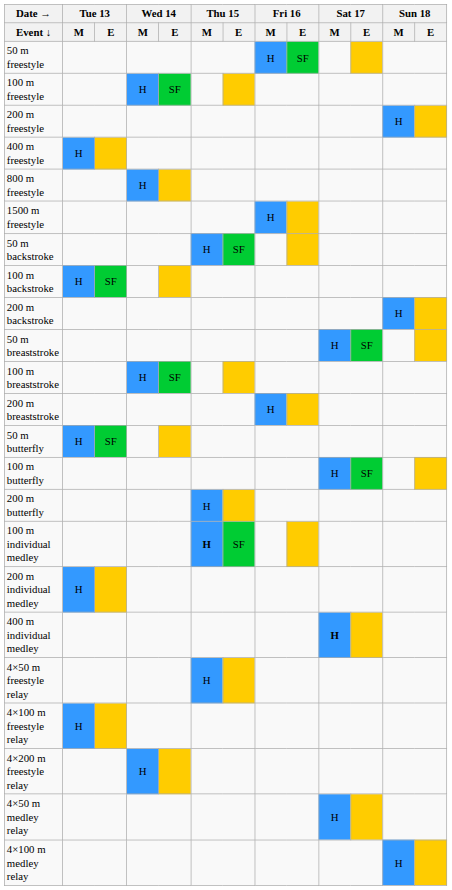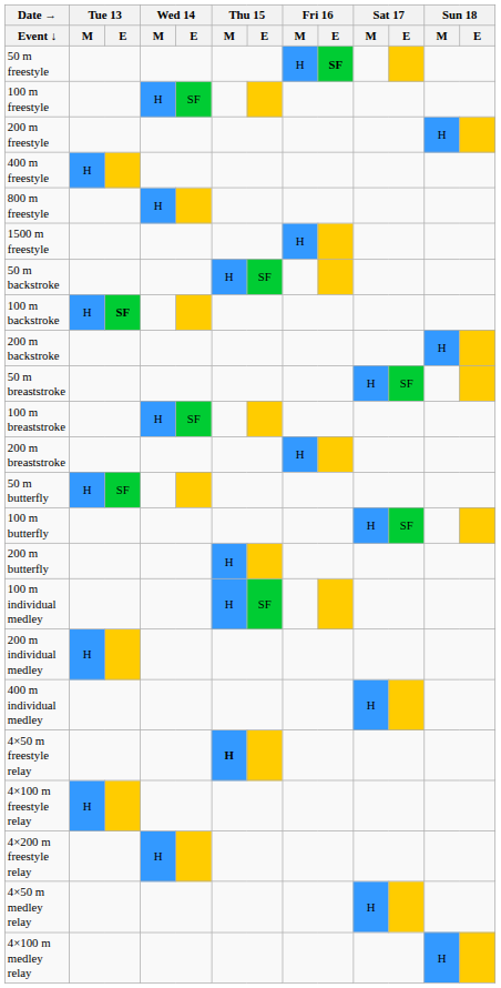 <table class="wikitable" style="margin:0.5em auto; font-size:95%; line-height:1.25em;">
 <tr style="text-align:center;">
 <th>Date →</th>
 <th colspan="2">Tue 13</th>
 <th colspan="2">Wed 14</th>
 <th colspan="2">Thu 15</th>
 <th colspan="2">Fri 16</th>
 <th colspan="2">Sat 17</th>
 <th colspan="2">Sun 18</th>
 </tr>
 <tr>
 <th>Event   ↓</th>
 <th style="width:2.5em;">M</th>
 <th style="width:2.5em;">E</th>
 <th style="width:2.5em;">M</th>
 <th style="width:2.5em;">E</th>
 <th style="width:2.5em;">M</th>
 <th style="width:2.5em;">E</th>
 <th style="width:2.5em;">M</th>
 <th style="width:2.5em;">E</th>
 <th style="width:2.5em;">M</th>
 <th style="width:2.5em;">E</th>
 <th style="width:2.5em;">M</th>
 <th style="width:2.5em;">E</th>
 </tr>
 <tr style="text-align:center;">
 <td style="text-align:left;">50 m freestyle</td>
 <td colspan="2"></td>
 <td colspan="2"></td>
 <td colspan="2"></td>
 <td style="background-color:#3399ff;">H</td>
-<td style="background-color:#00cc33;">SF</td>
+<td style="background-color:#00cc33;"><strong>SF</strong></td>
 <td></td>
 <td style="background-color:#ffcc00;"></td>
 <td colspan="2"></td>
 </tr>
 <tr style="text-align:center;">
 <td style="text-align:left;">100 m freestyle</td>
 <td colspan="2"></td>
 <td style="background-color:#3399ff;">H</td>
 <td style="background-color:#00cc33;">SF</td>
 <td></td>
 <td style="background-color:#ffcc00;"></td>
 <td colspan="2"></td>
 <td colspan="2"></td>
 <td colspan="2"></td>
 </tr>
 <tr style="text-align:center;">
 <td style="text-align:left;">200 m freestyle</td>
 <td colspan="2"></td>
 <td colspan="2"></td>
 <td colspan="2"></td>
 <td colspan="2"></td>
 <td colspan="2"></td>
 <td style="background-color:#3399ff;">H</td>
 <td style="background-color:#ffcc00;"></td>
 </tr>
 <tr style="text-align:center;">
 <td style="text-align:left;">400 m freestyle</td>
 <td style="background-color:#3399ff;">H</td>
 <td style="background-color:#ffcc00;"></td>
 <td colspan="2"></td>
 <td colspan="2"></td>
 <td colspan="2"></td>
 <td colspan="2"></td>
 <td colspan="2"></td>
 </tr>
 <tr style="text-align:center;">
 <td style="text-align:left;">800 m freestyle</td>
 <td colspan="2"></td>
 <td style="background-color:#3399ff;">H</td>
 <td style="background-color:#ffcc00;"></td>
 <td colspan="2"></td>
 <td colspan="2"></td>
 <td colspan="2"></td>
 <td colspan="2"></td>
 </tr>
 <tr style="text-align:center;">
 <td style="text-align:left;">1500 m freestyle</td>
 <td colspan="2"></td>
 <td colspan="2"></td>
 <td colspan="2"></td>
 <td style="background-color:#3399ff;">H</td>
 <td style="background-color:#ffcc00;"></td>
 <td colspan="2"></td>
 <td colspan="2"></td>
 </tr>
 <tr style="text-align:center;">
 <td style="text-align:left;">50 m backstroke</td>
 <td colspan="2"></td>
 <td colspan="2"></td>
 <td style="background-color:#3399ff;">H</td>
 <td style="background-color:#00cc33;">SF</td>
 <td></td>
 <td style="background-color:#ffcc00;"></td>
 <td colspan="2"></td>
 <td colspan="2"></td>
 </tr>
 <tr style="text-align:center;">
 <td style="text-align:left;">100 m backstroke</td>
 <td style="background-color:#3399ff;">H</td>
-<td style="background-color:#00cc33;">SF</td>
+<td style="background-color:#00cc33;"><strong>SF</strong></td>
 <td></td>
 <td style="background-color:#ffcc00;"></td>
 <td colspan="2"></td>
 <td colspan="2"></td>
 <td colspan="2"></td>
 <td colspan="2"></td>
 </tr>
 <tr style="text-align:center;">
 <td style="text-align:left;">200 m backstroke</td>
 <td colspan="2"></td>
 <td colspan="2"></td>
 <td colspan="2"></td>
 <td colspan="2"></td>
 <td colspan="2"></td>
 <td style="background-color:#3399ff;">H</td>
 <td style="background-color:#ffcc00;"></td>
 </tr>
 <tr style="text-align:center;">
 <td style="text-align:left;">50 m breaststroke</td>
 <td colspan="2"></td>
 <td colspan="2"></td>
 <td colspan="2"></td>
 <td colspan="2"></td>
 <td style="background-color:#3399ff;">H</td>
 <td style="background-color:#00cc33;">SF</td>
 <td></td>
 <td style="background-color:#ffcc00;"></td>
 </tr>
 <tr style="text-align:center;">
 <td style="text-align:left;">100 m breaststroke</td>
 <td colspan="2"></td>
 <td style="background-color:#3399ff;">H</td>
 <td style="background-color:#00cc33;">SF</td>
 <td></td>
 <td style="background-color:#ffcc00;"></td>
 <td colspan="2"></td>
 <td colspan="2"></td>
 <td colspan="2"></td>
 </tr>
 <tr style="text-align:center;">
 <td style="text-align:left;">200 m breaststroke</td>
 <td colspan="2"></td>
 <td colspan="2"></td>
 <td colspan="2"></td>
 <td style="background-color:#3399ff;">H</td>
 <td style="background-color:#ffcc00;"></td>
 <td colspan="2"></td>
 <td colspan="2"></td>
 </tr>
 <tr style="text-align:center;">
 <td style="text-align:left;">50 m butterfly</td>
 <td style="background-color:#3399ff;">H</td>
 <td style="background-color:#00cc33;">SF</td>
 <td></td>
 <td style="background-color:#ffcc00;"></td>
 <td colspan="2"></td>
 <td colspan="2"></td>
 <td colspan="2"></td>
 <td colspan="2"></td>
 </tr>
 <tr style="text-align:center;">
 <td style="text-align:left;">100 m butterfly</td>
 <td colspan="2"></td>
 <td colspan="2"></td>
 <td colspan="2"></td>
 <td colspan="2"></td>
 <td style="background-color:#3399ff;">H</td>
 <td style="background-color:#00cc33;">SF</td>
 <td></td>
 <td style="background-color:#ffcc00;"></td>
 </tr>
 <tr style="text-align:center;">
 <td style="text-align:left;">200 m butterfly</td>
 <td colspan="2"></td>
 <td colspan="2"></td>
 <td style="background-color:#3399ff;">H</td>
 <td style="background-color:#ffcc00;"></td>
 <td colspan="2"></td>
 <td colspan="2"></td>
 <td colspan="2"></td>
 </tr>
 <tr style="text-align:center;">
 <td style="text-align:left;">100 m individual medley</td>
 <td colspan="2"></td>
 <td colspan="2"></td>
-<td style="background-color:#3399ff;"><strong>H</strong></td>
+<td style="background-color:#3399ff;">H</td>
 <td style="background-color:#00cc33;">SF</td>
 <td></td>
 <td style="background-color:#ffcc00;"></td>
 <td colspan="2"></td>
 <td colspan="2"></td>
 </tr>
 <tr style="text-align:center;">
 <td style="text-align:left;">200 m individual medley</td>
 <td style="background-color:#3399ff;">H</td>
 <td style="background-color:#ffcc00;"></td>
 <td colspan="2"></td>
 <td colspan="2"></td>
 <td colspan="2"></td>
 <td colspan="2"></td>
 <td colspan="2"></td>
 </tr>
 <tr style="text-align:center;">
 <td style="text-align:left;">400 m individual medley</td>
 <td colspan="2"></td>
 <td colspan="2"></td>
 <td colspan="2"></td>
 <td colspan="2"></td>
-<td style="background-color:#3399ff;"><strong>H</strong></td>
+<td style="background-color:#3399ff;">H</td>
 <td style="background-color:#ffcc00;"></td>
 <td colspan="2"></td>
 </tr>
 <tr style="text-align:center;">
 <td style="text-align:left;">4×50 m freestyle relay</td>
 <td colspan="2"></td>
 <td colspan="2"></td>
-<td style="background-color:#3399ff;">H</td>
+<td style="background-color:#3399ff;"><strong>H</strong></td>
 <td style="background-color:#ffcc00;"></td>
 <td colspan="2"></td>
 <td colspan="2"></td>
 <td colspan="2"></td>
 </tr>
 <tr style="text-align:center;">
 <td style="text-align:left;">4×100 m freestyle relay</td>
 <td style="background-color:#3399ff;">H</td>
 <td style="background-color:#ffcc00;"></td>
 <td colspan="2"></td>
 <td colspan="2"></td>
 <td colspan="2"></td>
 <td colspan="2"></td>
 <td colspan="2"></td>
 </tr>
 <tr style="text-align:center;">
 <td style="text-align:left;">4×200 m freestyle relay</td>
 <td colspan="2"></td>
 <td style="background-color:#3399ff;">H</td>
 <td style="background-color:#ffcc00;"></td>
 <td colspan="2"></td>
 <td colspan="2"></td>
 <td colspan="2"></td>
 <td colspan="2"></td>
 </tr>
 <tr style="text-align:center;">
 <td style="text-align:left;">4×50 m medley relay</td>
 <td colspan="2"></td>
 <td colspan="2"></td>
 <td colspan="2"></td>
 <td colspan="2"></td>
 <td style="background-color:#3399ff;">H</td>
 <td style="background-color:#ffcc00;"></td>
 <td colspan="2"></td>
 </tr>
 <tr style="text-align:center;">
 <td style="text-align:left;">4×100 m medley relay</td>
 <td colspan="2"></td>
 <td colspan="2"></td>
 <td colspan="2"></td>
 <td colspan="2"></td>
 <td colspan="2"></td>
 <td style="background-color:#3399ff;">H</td>
 <td style="background-color:#ffcc00;"></td>
 </tr>
 </table>
